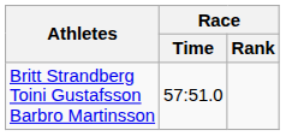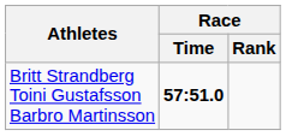 <table class="wikitable" border="1" style="font-size:90%">
 <tr>
 <th rowspan=2>Athletes</th>
 <th colspan=2>Race</th>
 </tr>
 <tr>
 <th>Time</th>
 <th>Rank</th>
 </tr>
 <tr>
 <td><a href='#'>Britt Strandberg</a><br><a href='#'>Toini Gustafsson</a><br><a href='#'>Barbro Martinsson</a></td>
-<td align=center>57:51.0</td>
+<td align=center><strong>57:51.0</strong></td>
 <td align=center></td>
 </tr>
 </table>
